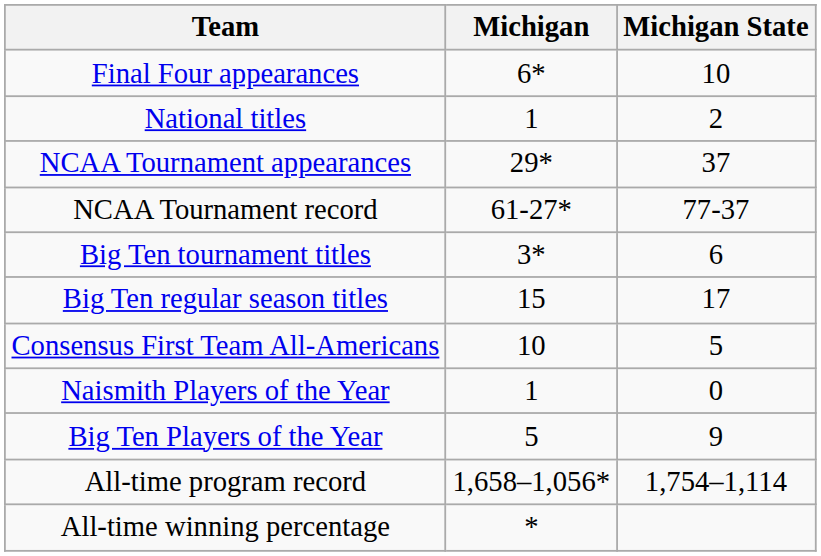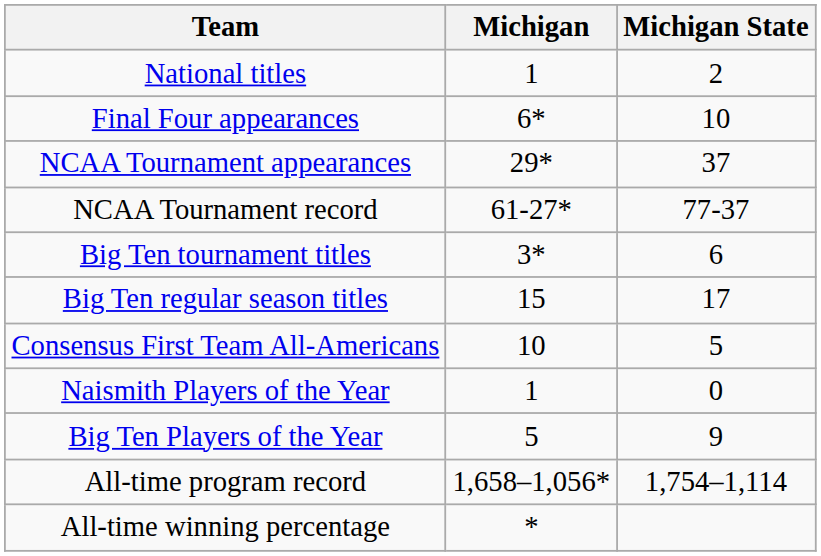 <table class="wikitable" style="text-align:center;">
 <tr>
 <th>Team</th>
 <th>Michigan</th>
 <th>Michigan State</th>
 </tr>
 <tr>
+<td><a href='#'>National titles</a></td>
+<td style=>1</td>
+<td>2</td>
+</tr>
+<tr>
 <td><a href='#'>Final Four appearances</a></td>
 <td>6*</td>
 <td>10</td>
-</tr>
-<tr>
-<td><a href='#'>National titles</a></td>
-<td style=>1</td>
-<td>2</td>
 </tr>
 <tr>
 <td><a href='#'>NCAA Tournament appearances</a></td>
 <td>29*</td>
 <td>37</td>
 </tr>
 <tr>
 <td>NCAA Tournament record</td>
 <td>61-27*</td>
 <td>77-37</td>
 </tr>
 <tr>
 <td><a href='#'>Big Ten tournament titles</a></td>
 <td>3*</td>
 <td>6</td>
 </tr>
 <tr>
 <td><a href='#'>Big Ten regular season titles</a></td>
 <td>15</td>
 <td>17</td>
 </tr>
 <tr>
 <td><a href='#'>Consensus First Team All-Americans</a></td>
 <td>10</td>
 <td>5</td>
 </tr>
 <tr>
 <td><a href='#'>Naismith Players of the Year</a></td>
 <td>1</td>
 <td>0</td>
 </tr>
 <tr>
 <td><a href='#'>Big Ten Players of the Year</a></td>
 <td>5</td>
 <td>9</td>
 </tr>
 <tr>
 <td>All-time program record</td>
 <td>1,658–1,056*</td>
 <td>1,754–1,114</td>
 </tr>
 <tr>
 <td>All-time winning percentage</td>
 <td>*</td>
 <td></td>
 </tr>
 </table>
